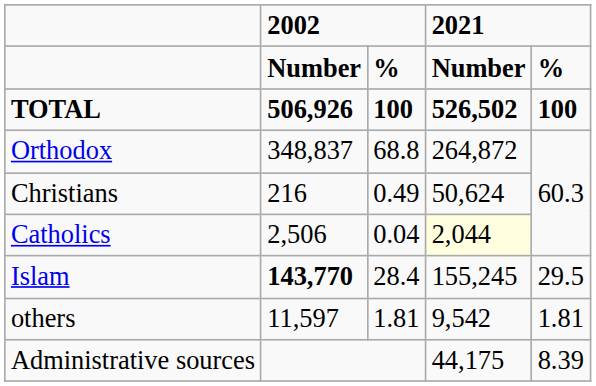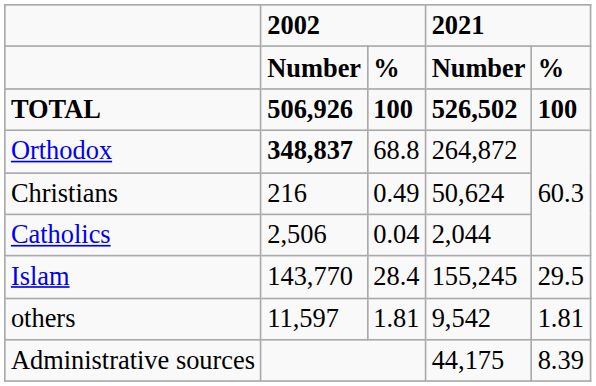 <table class="wikitable">
 <tr>
 <td></td>
 <td colspan="2"><strong>2002</strong></td>
 <td colspan="2"><strong>2021</strong></td>
 </tr>
 <tr>
 <td></td>
 <td><strong>Number</strong></td>
 <td><strong>%</strong></td>
 <td><strong>Number</strong></td>
 <td><strong>%</strong></td>
 </tr>
 <tr>
 <td><strong>TOTAL</strong></td>
 <td><strong>506,926</strong></td>
 <td><strong>100</strong></td>
 <td><strong>526,502</strong></td>
 <td><strong>100</strong></td>
 </tr>
 <tr>
 <td><a href='#'>Orthodox</a></td>
-<td>348,837</td>
+<td><strong>348,837</strong></td>
 <td>68.8</td>
 <td>264,872</td>
 <td rowspan="3">60.3</td>
 </tr>
 <tr>
 <td>Christians</td>
 <td>216</td>
 <td>0.49</td>
 <td>50,624</td>
 </tr>
 <tr>
 <td><a href='#'>Catholics</a></td>
 <td>2,506</td>
 <td>0.04</td>
-<td style="background: lightyellow;">2,044</td>
+<td>2,044</td>
 </tr>
 <tr>
 <td><a href='#'>Islam</a></td>
-<td><strong>143,770</strong></td>
+<td>143,770</td>
 <td>28.4</td>
 <td>155,245</td>
 <td>29.5</td>
 </tr>
 <tr>
 <td>others</td>
 <td>11,597</td>
 <td>1.81</td>
 <td>9,542</td>
 <td>1.81</td>
 </tr>
 <tr>
 <td>Administrative sources</td>
 <td colspan="2"></td>
 <td>44,175</td>
 <td>8.39</td>
 </tr>
 </table>
